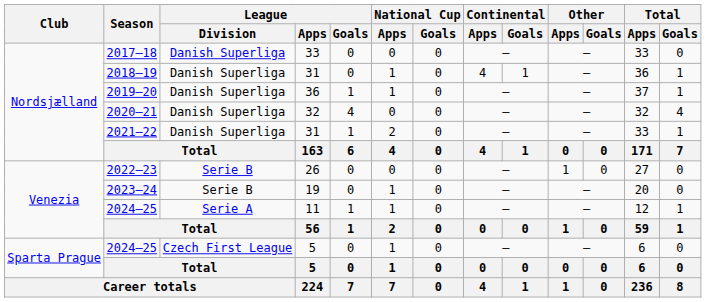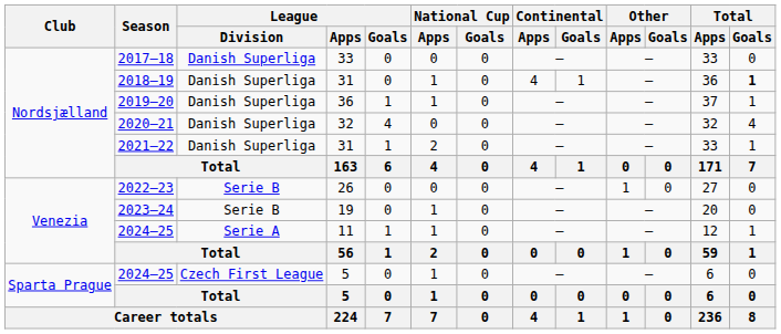 <table class="wikitable" style="text-align:center">
 <tr>
 <th rowspan="2">Club</th>
 <th rowspan="2">Season</th>
 <th colspan="3">League</th>
 <th colspan="2">National Cup</th>
 <th colspan="2">Continental</th>
 <th colspan="2">Other</th>
 <th colspan="2">Total</th>
 </tr>
 <tr>
 <th>Division</th>
 <th>Apps</th>
 <th>Goals</th>
 <th>Apps</th>
 <th>Goals</th>
 <th>Apps</th>
 <th>Goals</th>
 <th>Apps</th>
 <th>Goals</th>
 <th>Apps</th>
 <th>Goals</th>
 </tr>
 <tr>
 <td rowspan="6"><a href='#'>Nordsjælland</a></td>
 <td><a href='#'>2017–18</a></td>
 <td><a href='#'>Danish Superliga</a></td>
 <td>33</td>
 <td>0</td>
 <td>0</td>
 <td>0</td>
 <td colspan="2">—</td>
 <td colspan="2">—</td>
 <td>33</td>
 <td>0</td>
 </tr>
 <tr>
 <td><a href='#'>2018–19</a></td>
 <td>Danish Superliga</td>
 <td>31</td>
 <td>0</td>
 <td>1</td>
 <td>0</td>
 <td>4</td>
 <td>1</td>
 <td colspan="2">—</td>
 <td>36</td>
-<td>1</td>
+<td><strong>1</strong></td>
 </tr>
 <tr>
 <td><a href='#'>2019–20</a></td>
 <td>Danish Superliga</td>
 <td>36</td>
 <td>1</td>
 <td>1</td>
 <td>0</td>
 <td colspan="2">—</td>
 <td colspan="2">—</td>
 <td>37</td>
 <td>1</td>
 </tr>
 <tr>
 <td><a href='#'>2020–21</a></td>
 <td>Danish Superliga</td>
 <td>32</td>
 <td>4</td>
 <td>0</td>
 <td>0</td>
 <td colspan="2">—</td>
 <td colspan="2">—</td>
 <td>32</td>
 <td>4</td>
 </tr>
 <tr>
 <td><a href='#'>2021–22</a></td>
 <td>Danish Superliga</td>
 <td>31</td>
 <td>1</td>
 <td>2</td>
 <td>0</td>
 <td colspan="2">—</td>
 <td colspan="2">—</td>
 <td>33</td>
 <td>1</td>
 </tr>
 <tr>
 <th colspan="2">Total</th>
 <th>163</th>
 <th>6</th>
 <th>4</th>
 <th>0</th>
 <th>4</th>
 <th>1</th>
 <th>0</th>
 <th>0</th>
 <th>171</th>
 <th>7</th>
 </tr>
 <tr>
 <td rowspan="4"><a href='#'>Venezia</a></td>
 <td><a href='#'>2022–23</a></td>
 <td><a href='#'>Serie B</a></td>
 <td>26</td>
 <td>0</td>
 <td>0</td>
 <td>0</td>
 <td colspan="2">—</td>
 <td>1</td>
 <td>0</td>
 <td>27</td>
 <td>0</td>
 </tr>
 <tr>
 <td><a href='#'>2023–24</a></td>
 <td>Serie B</td>
 <td>19</td>
 <td>0</td>
 <td>1</td>
 <td>0</td>
 <td colspan="2">—</td>
 <td colspan="2">—</td>
 <td>20</td>
 <td>0</td>
 </tr>
 <tr>
 <td><a href='#'>2024–25</a></td>
 <td><a href='#'>Serie A</a></td>
 <td>11</td>
 <td>1</td>
 <td>1</td>
 <td>0</td>
 <td colspan="2">—</td>
 <td colspan="2">—</td>
 <td>12</td>
 <td>1</td>
 </tr>
 <tr>
 <th colspan="2">Total</th>
 <th>56</th>
 <th>1</th>
 <th>2</th>
 <th>0</th>
 <th>0</th>
 <th>0</th>
 <th>1</th>
 <th>0</th>
 <th>59</th>
 <th>1</th>
 </tr>
 <tr>
 <td rowspan="2"><a href='#'>Sparta Prague</a></td>
 <td><a href='#'>2024–25</a></td>
 <td><a href='#'>Czech First League</a></td>
 <td>5</td>
 <td>0</td>
 <td>1</td>
 <td>0</td>
 <td colspan="2">—</td>
 <td colspan="2">—</td>
 <td>6</td>
 <td>0</td>
 </tr>
 <tr>
 <th colspan="2">Total</th>
 <th>5</th>
 <th>0</th>
 <th>1</th>
 <th>0</th>
 <th>0</th>
 <th>0</th>
 <th>0</th>
 <th>0</th>
 <th>6</th>
 <th>0</th>
 </tr>
 <tr>
 <th colspan="3">Career totals</th>
 <th>224</th>
 <th>7</th>
 <th>7</th>
 <th>0</th>
 <th>4</th>
 <th>1</th>
 <th>1</th>
 <th>0</th>
 <th>236</th>
 <th>8</th>
 </tr>
 </table>
